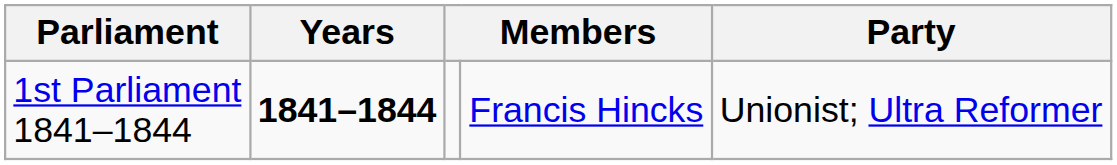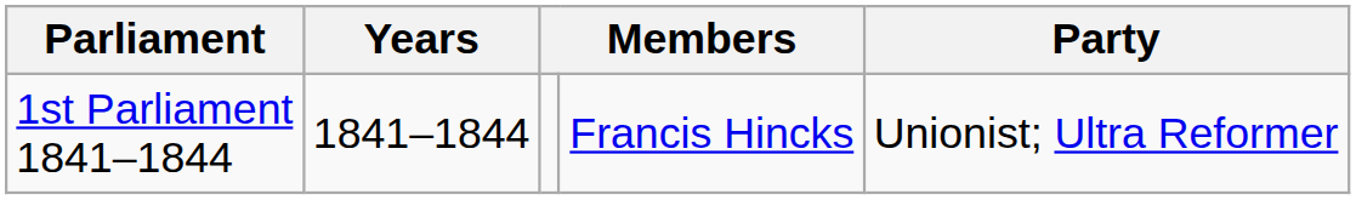 <table class="wikitable">
 <tr>
 <th>Parliament</th>
 <th>Years</th>
 <th colspan="2">Members</th>
 <th>Party</th>
 </tr>
 <tr>
 <td><a href='#'>1st Parliament</a><br>1841–1844</td>
-<td><strong>1841–1844</strong></td>
+<td>1841–1844</td>
 <td></td>
 <td><a href='#'>Francis Hincks</a></td>
 <td>Unionist;  <a href='#'>Ultra Reformer</a></td>
 </tr>
 </table>
